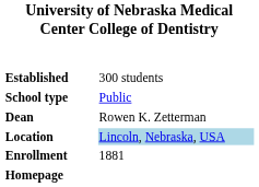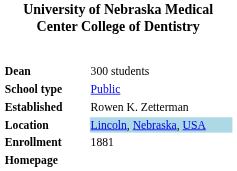 <table class="toccolours" style="float: right; margin-left: 1em; width: 20em; font-size: 90%; clear: right" cellspacing="3">
 <tr>
 <td colspan="2" style="text-align: center; font-size: larger;"><strong>University of Nebraska Medical Center College of Dentistry</strong></td>
 </tr>
 <tr>
 <td colspan="2" style="padding: 1em 0; text-align: center;"></td>
 </tr>
 <tr style="vertical-align: top;">
-<td><strong>Established</strong></td>
+<td><strong>Dean</strong></td>
 <td style="padding-right: 1em;">300 students</td>
 </tr>
 <tr style="vertical-align: top;">
 <td><strong>School type</strong></td>
 <td style="padding-right: 1em;"><a href='#'>Public</a></td>
 </tr>
 <tr style="vertical-align: top;">
-<td><strong>Dean</strong></td>
+<td><strong>Established</strong></td>
 <td style="padding-right: 1em;">Rowen K. Zetterman</td>
 </tr>
 <tr style="vertical-align: top;">
 <td><strong>Location</strong></td>
 <td style="background: lightblue; padding-right: 1em;"><a href='#'>Lincoln</a>, <a href='#'>Nebraska</a>, <a href='#'>USA</a></td>
 </tr>
 <tr style="vertical-align: top;">
 <td><strong>Enrollment</strong></td>
 <td style="padding-right: 1em;">1881</td>
 </tr>
 <tr style="vertical-align: top;">
 <td><strong>Homepage</strong></td>
 <td style="padding-right: 1em;"></td>
 </tr>
 <tr style="vertical-align: top;">
 </tr>
 </table>
